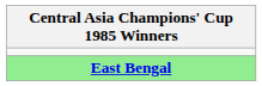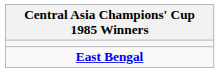 <table class="wikitable" style="text-align: center; margin: 0 auto; width: 20%">
 <tr>
 <th>Central Asia Champions' Cup<br>1985 Winners</th>
 </tr>
 <tr>
 <td></td>
 </tr>
 <tr>
-<td style="background: lightgreen;"><strong><a href='#'>East Bengal</a></strong></td>
+<td><strong><a href='#'>East Bengal</a></strong></td>
 </tr>
 </table>
